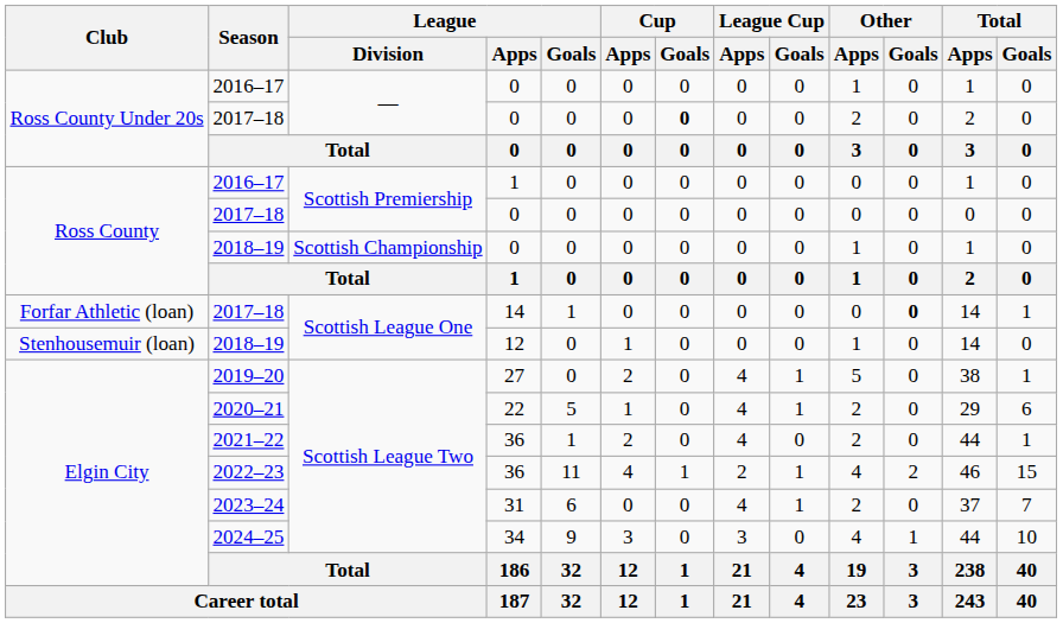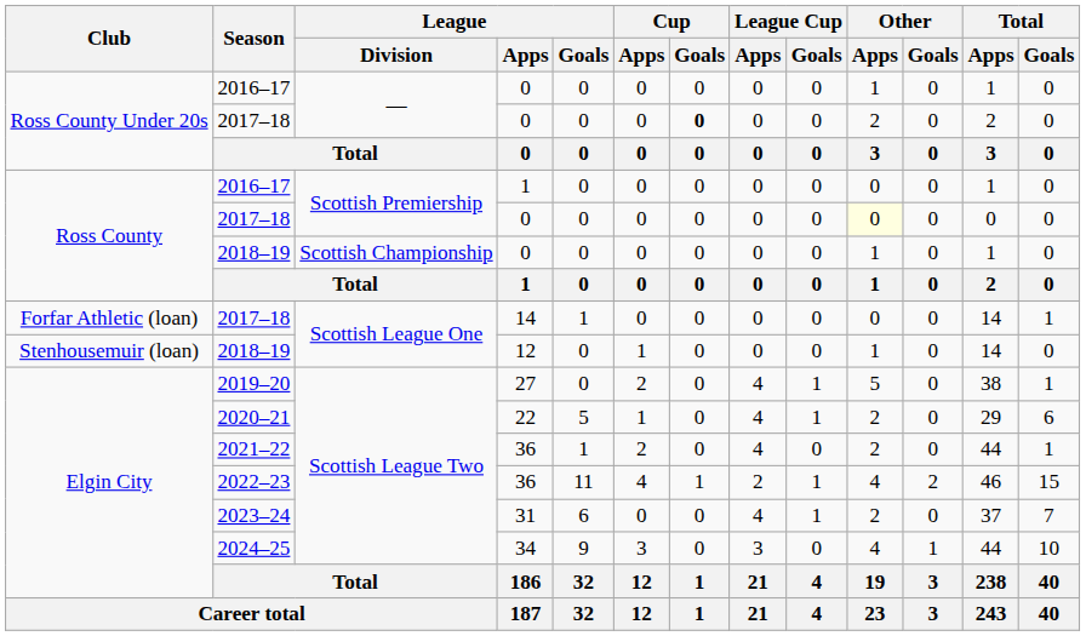 <table class="wikitable" style="text-align:center">
 <tr>
 <th rowspan="2">Club</th>
 <th rowspan="2">Season</th>
 <th colspan="3">League</th>
 <th colspan="2">Cup</th>
 <th colspan="2">League Cup</th>
 <th colspan="2">Other</th>
 <th colspan="2">Total</th>
 </tr>
 <tr>
 <th>Division</th>
 <th>Apps</th>
 <th>Goals</th>
 <th>Apps</th>
 <th>Goals</th>
 <th>Apps</th>
 <th>Goals</th>
 <th>Apps</th>
 <th>Goals</th>
 <th>Apps</th>
 <th>Goals</th>
 </tr>
 <tr>
 <td rowspan="3"><a href='#'>Ross County Under 20s</a></td>
 <td>2016–17</td>
 <td rowspan="2">—</td>
 <td>0</td>
 <td>0</td>
 <td>0</td>
 <td>0</td>
 <td>0</td>
 <td>0</td>
 <td>1</td>
 <td>0</td>
 <td>1</td>
 <td>0</td>
 </tr>
 <tr>
 <td>2017–18</td>
 <td>0</td>
 <td>0</td>
 <td>0</td>
 <td><strong>0</strong></td>
 <td>0</td>
 <td>0</td>
 <td>2</td>
 <td>0</td>
 <td>2</td>
 <td>0</td>
 </tr>
 <tr>
 <th colspan=2>Total</th>
 <th>0</th>
 <th>0</th>
 <th>0</th>
 <th>0</th>
 <th>0</th>
 <th>0</th>
 <th>3</th>
 <th>0</th>
 <th>3</th>
 <th>0</th>
 </tr>
 <tr>
 <td rowspan="4"><a href='#'>Ross County</a></td>
 <td><a href='#'>2016–17</a></td>
 <td rowspan="2"><a href='#'>Scottish Premiership</a></td>
 <td>1</td>
 <td>0</td>
 <td>0</td>
 <td>0</td>
 <td>0</td>
 <td>0</td>
 <td>0</td>
 <td>0</td>
 <td>1</td>
 <td>0</td>
 </tr>
 <tr>
 <td><a href='#'>2017–18</a></td>
 <td>0</td>
 <td>0</td>
 <td>0</td>
 <td>0</td>
 <td>0</td>
 <td>0</td>
-<td>0</td>
+<td style="background: lightyellow;">0</td>
 <td>0</td>
 <td>0</td>
 <td>0</td>
 </tr>
 <tr>
 <td><a href='#'>2018–19</a></td>
 <td><a href='#'>Scottish Championship</a></td>
 <td>0</td>
 <td>0</td>
 <td>0</td>
 <td>0</td>
 <td>0</td>
 <td>0</td>
 <td>1</td>
 <td>0</td>
 <td>1</td>
 <td>0</td>
 </tr>
 <tr>
 <th colspan=2>Total</th>
 <th>1</th>
 <th>0</th>
 <th>0</th>
 <th>0</th>
 <th>0</th>
 <th>0</th>
 <th>1</th>
 <th>0</th>
 <th>2</th>
 <th>0</th>
 </tr>
 <tr>
 <td><a href='#'>Forfar Athletic</a> (loan)</td>
 <td><a href='#'>2017–18</a></td>
 <td rowspan=2><a href='#'>Scottish League One</a></td>
 <td>14</td>
 <td>1</td>
 <td>0</td>
 <td>0</td>
 <td>0</td>
 <td>0</td>
 <td>0</td>
-<td><strong>0</strong></td>
+<td>0</td>
 <td>14</td>
 <td>1</td>
 </tr>
 <tr>
 <td><a href='#'>Stenhousemuir</a> (loan)</td>
 <td><a href='#'>2018–19</a></td>
 <td>12</td>
 <td>0</td>
 <td>1</td>
 <td>0</td>
 <td>0</td>
 <td>0</td>
 <td>1</td>
 <td>0</td>
 <td>14</td>
 <td>0</td>
 </tr>
 <tr>
 <td rowspan=7><a href='#'>Elgin City</a></td>
 <td><a href='#'>2019–20</a></td>
 <td rowspan=6><a href='#'>Scottish League Two</a></td>
 <td>27</td>
 <td>0</td>
 <td>2</td>
 <td>0</td>
 <td>4</td>
 <td>1</td>
 <td>5</td>
 <td>0</td>
 <td>38</td>
 <td>1</td>
 </tr>
 <tr>
 <td><a href='#'>2020–21</a></td>
 <td>22</td>
 <td>5</td>
 <td>1</td>
 <td>0</td>
 <td>4</td>
 <td>1</td>
 <td>2</td>
 <td>0</td>
 <td>29</td>
 <td>6</td>
 </tr>
 <tr>
 <td><a href='#'>2021–22</a></td>
 <td>36</td>
 <td>1</td>
 <td>2</td>
 <td>0</td>
 <td>4</td>
 <td>0</td>
 <td>2</td>
 <td>0</td>
 <td>44</td>
 <td>1</td>
 </tr>
 <tr>
 <td><a href='#'>2022–23</a></td>
 <td>36</td>
 <td>11</td>
 <td>4</td>
 <td>1</td>
 <td>2</td>
 <td>1</td>
 <td>4</td>
 <td>2</td>
 <td>46</td>
 <td>15</td>
 </tr>
 <tr>
 <td><a href='#'>2023–24</a></td>
 <td>31</td>
 <td>6</td>
 <td>0</td>
 <td>0</td>
 <td>4</td>
 <td>1</td>
 <td>2</td>
 <td>0</td>
 <td>37</td>
 <td>7</td>
 </tr>
 <tr>
 <td><a href='#'>2024–25</a></td>
 <td>34</td>
 <td>9</td>
 <td>3</td>
 <td>0</td>
 <td>3</td>
 <td>0</td>
 <td>4</td>
 <td>1</td>
 <td>44</td>
 <td>10</td>
 </tr>
 <tr>
 <th colspan=2>Total</th>
 <th>186</th>
 <th>32</th>
 <th>12</th>
 <th>1</th>
 <th>21</th>
 <th>4</th>
 <th>19</th>
 <th>3</th>
 <th>238</th>
 <th>40</th>
 </tr>
 <tr>
 <th colspan="3">Career total</th>
 <th>187</th>
 <th>32</th>
 <th>12</th>
 <th>1</th>
 <th>21</th>
 <th>4</th>
 <th>23</th>
 <th>3</th>
 <th>243</th>
 <th>40</th>
 </tr>
 </table>
